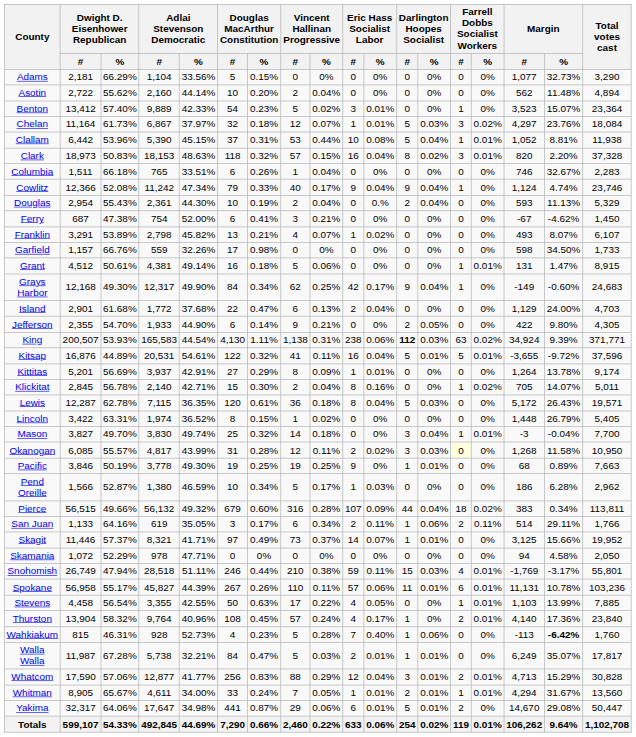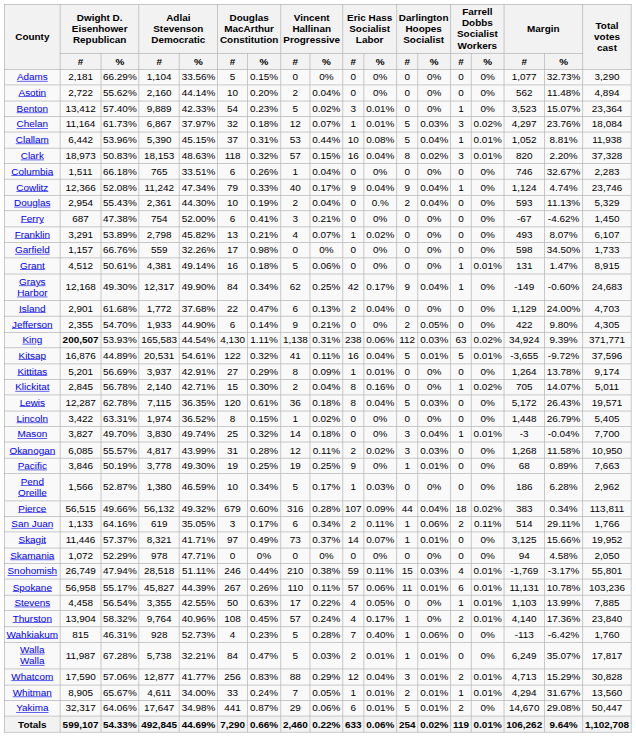 <table width="60%"  class="wikitable sortable" style="text-align:center">
 <tr>
 <th style="text-align:center;" rowspan="2">County</th>
 <th style="text-align:center;" colspan="2">Dwight D. Eisenhower<br>Republican</th>
 <th style="text-align:center;" colspan="2">Adlai Stevenson<br>Democratic</th>
 <th style="text-align:center;" colspan="2">Douglas MacArthur<br>Constitution</th>
 <th style="text-align:center;" colspan="2">Vincent Hallinan<br>Progressive</th>
 <th style="text-align:center;" colspan="2">Eric Hass<br> Socialist Labor</th>
 <th style="text-align:center;" colspan="2">Darlington Hoopes<br>Socialist</th>
 <th style="text-align:center;" colspan="2">Farrell Dobbs<br>Socialist Workers</th>
 <th style="text-align:center;" colspan="2">Margin</th>
 <th style="text-align:center;" rowspan="2">Total votes cast</th>
 </tr>
 <tr>
 <th style="text-align:center;" data-sort-type="number">#</th>
 <th style="text-align:center;" data-sort-type="number">%</th>
 <th style="text-align:center;" data-sort-type="number">#</th>
 <th style="text-align:center;" data-sort-type="number">%</th>
 <th style="text-align:center;" data-sort-type="number">#</th>
 <th style="text-align:center;" data-sort-type="number">%</th>
 <th style="text-align:center;" data-sort-type="number">#</th>
 <th style="text-align:center;" data-sort-type="number">%</th>
 <th style="text-align:center;" data-sort-type="number">#</th>
 <th style="text-align:center;" data-sort-type="number">%</th>
 <th style="text-align:center;" data-sort-type="number">#</th>
 <th style="text-align:center;" data-sort-type="number">%</th>
 <th style="text-align:center;" data-sort-type="number">#</th>
 <th style="text-align:center;" data-sort-type="number">%</th>
 <th style="text-align:center;" data-sort-type="number">#</th>
 <th style="text-align:center;" data-sort-type="number">%</th>
 </tr>
 <tr style="text-align:center;">
 <td><a href='#'>Adams</a></td>
 <td>2,181</td>
 <td>66.29%</td>
 <td>1,104</td>
 <td>33.56%</td>
 <td>5</td>
 <td>0.15%</td>
 <td>0</td>
 <td>0%</td>
 <td>0</td>
 <td>0%</td>
 <td>0</td>
 <td>0%</td>
 <td>0</td>
 <td>0%</td>
 <td>1,077</td>
 <td>32.73%</td>
 <td>3,290</td>
 </tr>
 <tr style="text-align:center;">
 <td><a href='#'>Asotin</a></td>
 <td>2,722</td>
 <td>55.62%</td>
 <td>2,160</td>
 <td>44.14%</td>
 <td>10</td>
 <td>0.20%</td>
 <td>2</td>
 <td>0.04%</td>
 <td>0</td>
 <td>0%</td>
 <td>0</td>
 <td>0%</td>
 <td>0</td>
 <td>0%</td>
 <td>562</td>
 <td>11.48%</td>
 <td>4,894</td>
 </tr>
 <tr style="text-align:center;">
 <td><a href='#'>Benton</a></td>
 <td>13,412</td>
 <td>57.40%</td>
 <td>9,889</td>
 <td>42.33%</td>
 <td>54</td>
 <td>0.23%</td>
 <td>5</td>
 <td>0.02%</td>
 <td>3</td>
 <td>0.01%</td>
 <td>0</td>
 <td>0%</td>
 <td>1</td>
 <td>0%</td>
 <td>3,523</td>
 <td>15.07%</td>
 <td>23,364</td>
 </tr>
 <tr style="text-align:center;">
 <td><a href='#'>Chelan</a></td>
 <td>11,164</td>
 <td>61.73%</td>
 <td>6,867</td>
 <td>37.97%</td>
 <td>32</td>
 <td>0.18%</td>
 <td>12</td>
 <td>0.07%</td>
 <td>1</td>
 <td>0.01%</td>
 <td>5</td>
 <td>0.03%</td>
 <td>3</td>
 <td>0.02%</td>
 <td>4,297</td>
 <td>23.76%</td>
 <td>18,084</td>
 </tr>
 <tr style="text-align:center;">
 <td><a href='#'>Clallam</a></td>
 <td>6,442</td>
 <td>53.96%</td>
 <td>5,390</td>
 <td>45.15%</td>
 <td>37</td>
 <td>0.31%</td>
 <td>53</td>
 <td>0.44%</td>
 <td>10</td>
 <td>0.08%</td>
 <td>5</td>
 <td>0.04%</td>
 <td>1</td>
 <td>0.01%</td>
 <td>1,052</td>
 <td>8.81%</td>
 <td>11,938</td>
 </tr>
 <tr style="text-align:center;">
 <td><a href='#'>Clark</a></td>
 <td>18,973</td>
 <td>50.83%</td>
 <td>18,153</td>
 <td>48.63%</td>
 <td>118</td>
 <td>0.32%</td>
 <td>57</td>
 <td>0.15%</td>
 <td>16</td>
 <td>0.04%</td>
 <td>8</td>
 <td>0.02%</td>
 <td>3</td>
 <td>0.01%</td>
 <td>820</td>
 <td>2.20%</td>
 <td>37,328</td>
 </tr>
 <tr style="text-align:center;">
 <td><a href='#'>Columbia</a></td>
 <td>1,511</td>
 <td>66.18%</td>
 <td>765</td>
 <td>33.51%</td>
 <td>6</td>
 <td>0.26%</td>
 <td>1</td>
 <td>0.04%</td>
 <td>0</td>
 <td>0%</td>
 <td>0</td>
 <td>0%</td>
 <td>0</td>
 <td>0%</td>
 <td>746</td>
 <td>32.67%</td>
 <td>2,283</td>
 </tr>
 <tr style="text-align:center;">
 <td><a href='#'>Cowlitz</a></td>
 <td>12,366</td>
 <td>52.08%</td>
 <td>11,242</td>
 <td>47.34%</td>
 <td>79</td>
 <td>0.33%</td>
 <td>40</td>
 <td>0.17%</td>
 <td>9</td>
 <td>0.04%</td>
 <td>9</td>
 <td>0.04%</td>
 <td>1</td>
 <td>0%</td>
 <td>1,124</td>
 <td>4.74%</td>
 <td>23,746</td>
 </tr>
 <tr style="text-align:center;">
 <td><a href='#'>Douglas</a></td>
 <td>2,954</td>
 <td>55.43%</td>
 <td>2,361</td>
 <td>44.30%</td>
 <td>10</td>
 <td>0.19%</td>
 <td>2</td>
 <td>0.04%</td>
 <td>0</td>
 <td>0.%</td>
 <td>2</td>
 <td>0.04%</td>
 <td>0</td>
 <td>0%</td>
 <td>593</td>
 <td>11.13%</td>
 <td>5,329</td>
 </tr>
 <tr style="text-align:center;">
 <td><a href='#'>Ferry</a></td>
 <td>687</td>
 <td>47.38%</td>
 <td>754</td>
 <td>52.00%</td>
 <td>6</td>
 <td>0.41%</td>
 <td>3</td>
 <td>0.21%</td>
 <td>0</td>
 <td>0%</td>
 <td>0</td>
 <td>0%</td>
 <td>0</td>
 <td>0%</td>
 <td>-67</td>
 <td>-4.62%</td>
 <td>1,450</td>
 </tr>
 <tr style="text-align:center;">
 <td><a href='#'>Franklin</a></td>
 <td>3,291</td>
 <td>53.89%</td>
 <td>2,798</td>
 <td>45.82%</td>
 <td>13</td>
 <td>0.21%</td>
 <td>4</td>
 <td>0.07%</td>
 <td>1</td>
 <td>0.02%</td>
 <td>0</td>
 <td>0%</td>
 <td>0</td>
 <td>0%</td>
 <td>493</td>
 <td>8.07%</td>
 <td>6,107</td>
 </tr>
 <tr style="text-align:center;">
 <td><a href='#'>Garfield</a></td>
 <td>1,157</td>
 <td>66.76%</td>
 <td>559</td>
 <td>32.26%</td>
 <td>17</td>
 <td>0.98%</td>
 <td>0</td>
 <td>0%</td>
 <td>0</td>
 <td>0%</td>
 <td>0</td>
 <td>0%</td>
 <td>0</td>
 <td>0%</td>
 <td>598</td>
 <td>34.50%</td>
 <td>1,733</td>
 </tr>
 <tr style="text-align:center;">
 <td><a href='#'>Grant</a></td>
 <td>4,512</td>
 <td>50.61%</td>
 <td>4,381</td>
 <td>49.14%</td>
 <td>16</td>
 <td>0.18%</td>
 <td>5</td>
 <td>0.06%</td>
 <td>0</td>
 <td>0%</td>
 <td>0</td>
 <td>0%</td>
 <td>1</td>
 <td>0.01%</td>
 <td>131</td>
 <td>1.47%</td>
 <td>8,915</td>
 </tr>
 <tr style="text-align:center;">
 <td><a href='#'>Grays Harbor</a></td>
 <td>12,168</td>
 <td>49.30%</td>
 <td>12,317</td>
 <td>49.90%</td>
 <td>84</td>
 <td>0.34%</td>
 <td>62</td>
 <td>0.25%</td>
 <td>42</td>
 <td>0.17%</td>
 <td>9</td>
 <td>0.04%</td>
 <td>1</td>
 <td>0%</td>
 <td>-149</td>
 <td>-0.60%</td>
 <td>24,683</td>
 </tr>
 <tr style="text-align:center;">
 <td><a href='#'>Island</a></td>
 <td>2,901</td>
 <td>61.68%</td>
 <td>1,772</td>
 <td>37.68%</td>
 <td>22</td>
 <td>0.47%</td>
 <td>6</td>
 <td>0.13%</td>
 <td>2</td>
 <td>0.04%</td>
 <td>0</td>
 <td>0%</td>
 <td>0</td>
 <td>0%</td>
 <td>1,129</td>
 <td>24.00%</td>
 <td>4,703</td>
 </tr>
 <tr style="text-align:center;">
 <td><a href='#'>Jefferson</a></td>
 <td>2,355</td>
 <td>54.70%</td>
 <td>1,933</td>
 <td>44.90%</td>
 <td>6</td>
 <td>0.14%</td>
 <td>9</td>
 <td>0.21%</td>
 <td>0</td>
 <td>0%</td>
 <td>2</td>
 <td>0.05%</td>
 <td>0</td>
 <td>0%</td>
 <td>422</td>
 <td>9.80%</td>
 <td>4,305</td>
 </tr>
 <tr style="text-align:center;">
 <td><a href='#'>King</a></td>
-<td>200,507</td>
+<td><strong>200,507</strong></td>
 <td>53.93%</td>
 <td>165,583</td>
 <td>44.54%</td>
 <td>4,130</td>
 <td>1.11%</td>
 <td>1,138</td>
 <td>0.31%</td>
 <td>238</td>
 <td>0.06%</td>
-<td><strong>112</strong></td>
+<td>112</td>
 <td>0.03%</td>
 <td>63</td>
 <td>0.02%</td>
 <td>34,924</td>
 <td>9.39%</td>
 <td>371,771</td>
 </tr>
 <tr style="text-align:center;">
 <td><a href='#'>Kitsap</a></td>
 <td>16,876</td>
 <td>44.89%</td>
 <td>20,531</td>
 <td>54.61%</td>
 <td>122</td>
 <td>0.32%</td>
 <td>41</td>
 <td>0.11%</td>
 <td>16</td>
 <td>0.04%</td>
 <td>5</td>
 <td>0.01%</td>
 <td>5</td>
 <td>0.01%</td>
 <td>-3,655</td>
 <td>-9.72%</td>
 <td>37,596</td>
 </tr>
 <tr style="text-align:center;">
 <td><a href='#'>Kittitas</a></td>
 <td>5,201</td>
 <td>56.69%</td>
 <td>3,937</td>
 <td>42.91%</td>
 <td>27</td>
 <td>0.29%</td>
 <td>8</td>
 <td>0.09%</td>
 <td>1</td>
 <td>0.01%</td>
 <td>0</td>
 <td>0%</td>
 <td>0</td>
 <td>0%</td>
 <td>1,264</td>
 <td>13.78%</td>
 <td>9,174</td>
 </tr>
 <tr style="text-align:center;">
 <td><a href='#'>Klickitat</a></td>
 <td>2,845</td>
 <td>56.78%</td>
 <td>2,140</td>
 <td>42.71%</td>
 <td>15</td>
 <td>0.30%</td>
 <td>2</td>
 <td>0.04%</td>
 <td>8</td>
 <td>0.16%</td>
 <td>0</td>
 <td>0%</td>
 <td>1</td>
 <td>0.02%</td>
 <td>705</td>
 <td>14.07%</td>
 <td>5,011</td>
 </tr>
 <tr style="text-align:center;">
 <td><a href='#'>Lewis</a></td>
 <td>12,287</td>
 <td>62.78%</td>
 <td>7,115</td>
 <td>36.35%</td>
 <td>120</td>
 <td>0.61%</td>
 <td>36</td>
 <td>0.18%</td>
 <td>8</td>
 <td>0.04%</td>
 <td>5</td>
 <td>0.03%</td>
 <td>0</td>
 <td>0%</td>
 <td>5,172</td>
 <td>26.43%</td>
 <td>19,571</td>
 </tr>
 <tr style="text-align:center;">
 <td><a href='#'>Lincoln</a></td>
 <td>3,422</td>
 <td>63.31%</td>
 <td>1,974</td>
 <td>36.52%</td>
 <td>8</td>
 <td>0.15%</td>
 <td>1</td>
 <td>0.02%</td>
 <td>0</td>
 <td>0%</td>
 <td>0</td>
 <td>0%</td>
 <td>0</td>
 <td>0%</td>
 <td>1,448</td>
 <td>26.79%</td>
 <td>5,405</td>
 </tr>
 <tr style="text-align:center;">
 <td><a href='#'>Mason</a></td>
 <td>3,827</td>
 <td>49.70%</td>
 <td>3,830</td>
 <td>49.74%</td>
 <td>25</td>
 <td>0.32%</td>
 <td>14</td>
 <td>0.18%</td>
 <td>0</td>
 <td>0%</td>
 <td>3</td>
 <td>0.04%</td>
 <td>1</td>
 <td>0.01%</td>
 <td>-3</td>
 <td>-0.04%</td>
 <td>7,700</td>
 </tr>
 <tr style="text-align:center;">
 <td><a href='#'>Okanogan</a></td>
 <td>6,085</td>
 <td>55.57%</td>
 <td>4,817</td>
 <td>43.99%</td>
 <td>31</td>
 <td>0.28%</td>
 <td>12</td>
 <td>0.11%</td>
 <td>2</td>
 <td>0.02%</td>
 <td>3</td>
 <td>0.03%</td>
-<td style="background: lightyellow;">0</td>
+<td>0</td>
 <td>0%</td>
 <td>1,268</td>
 <td>11.58%</td>
 <td>10,950</td>
 </tr>
 <tr style="text-align:center;">
 <td><a href='#'>Pacific</a></td>
 <td>3,846</td>
 <td>50.19%</td>
 <td>3,778</td>
 <td>49.30%</td>
 <td>19</td>
 <td>0.25%</td>
 <td>19</td>
 <td>0.25%</td>
 <td>9</td>
 <td>0%</td>
 <td>1</td>
 <td>0.01%</td>
 <td>0</td>
 <td>0%</td>
 <td>68</td>
 <td>0.89%</td>
 <td>7,663</td>
 </tr>
 <tr style="text-align:center;">
 <td><a href='#'>Pend Oreille</a></td>
 <td>1,566</td>
 <td>52.87%</td>
 <td>1,380</td>
 <td>46.59%</td>
 <td>10</td>
 <td>0.34%</td>
 <td>5</td>
 <td>0.17%</td>
 <td>1</td>
 <td>0.03%</td>
 <td>0</td>
 <td>0%</td>
 <td>0</td>
 <td>0%</td>
 <td>186</td>
 <td>6.28%</td>
 <td>2,962</td>
 </tr>
 <tr style="text-align:center;">
 <td><a href='#'>Pierce</a></td>
 <td>56,515</td>
 <td>49.66%</td>
 <td>56,132</td>
 <td>49.32%</td>
 <td>679</td>
 <td>0.60%</td>
 <td>316</td>
 <td>0.28%</td>
 <td>107</td>
 <td>0.09%</td>
 <td>44</td>
 <td>0.04%</td>
 <td>18</td>
 <td>0.02%</td>
 <td>383</td>
 <td>0.34%</td>
 <td>113,811</td>
 </tr>
 <tr style="text-align:center;">
 <td><a href='#'>San Juan</a></td>
 <td>1,133</td>
 <td>64.16%</td>
 <td>619</td>
 <td>35.05%</td>
 <td>3</td>
 <td>0.17%</td>
 <td>6</td>
 <td>0.34%</td>
 <td>2</td>
 <td>0.11%</td>
 <td>1</td>
 <td>0.06%</td>
 <td>2</td>
 <td>0.11%</td>
 <td>514</td>
 <td>29.11%</td>
 <td>1,766</td>
 </tr>
 <tr style="text-align:center;">
 <td><a href='#'>Skagit</a></td>
 <td>11,446</td>
 <td>57.37%</td>
 <td>8,321</td>
 <td>41.71%</td>
 <td>97</td>
 <td>0.49%</td>
 <td>73</td>
 <td>0.37%</td>
 <td>14</td>
 <td>0.07%</td>
 <td>1</td>
 <td>0.01%</td>
 <td>0</td>
 <td>0%</td>
 <td>3,125</td>
 <td>15.66%</td>
 <td>19,952</td>
 </tr>
 <tr style="text-align:center;">
 <td><a href='#'>Skamania</a></td>
 <td>1,072</td>
 <td>52.29%</td>
 <td>978</td>
 <td>47.71%</td>
 <td>0</td>
 <td>0%</td>
 <td>0</td>
 <td>0%</td>
 <td>0</td>
 <td>0%</td>
 <td>0</td>
 <td>0%</td>
 <td>0</td>
 <td>0%</td>
 <td>94</td>
 <td>4.58%</td>
 <td>2,050</td>
 </tr>
 <tr style="text-align:center;">
 <td><a href='#'>Snohomish</a></td>
 <td>26,749</td>
 <td>47.94%</td>
 <td>28,518</td>
 <td>51.11%</td>
 <td>246</td>
 <td>0.44%</td>
 <td>210</td>
 <td>0.38%</td>
 <td>59</td>
 <td>0.11%</td>
 <td>15</td>
 <td>0.03%</td>
 <td>4</td>
 <td>0.01%</td>
 <td>-1,769</td>
 <td>-3.17%</td>
 <td>55,801</td>
 </tr>
 <tr style="text-align:center;">
 <td><a href='#'>Spokane</a></td>
 <td>56,958</td>
 <td>55.17%</td>
 <td>45,827</td>
 <td>44.39%</td>
 <td>267</td>
 <td>0.26%</td>
 <td>110</td>
 <td>0.11%</td>
 <td>57</td>
 <td>0.06%</td>
 <td>11</td>
 <td>0.01%</td>
 <td>6</td>
 <td>0.01%</td>
 <td>11,131</td>
 <td>10.78%</td>
 <td>103,236</td>
 </tr>
 <tr style="text-align:center;">
 <td><a href='#'>Stevens</a></td>
 <td>4,458</td>
 <td>56.54%</td>
 <td>3,355</td>
 <td>42.55%</td>
 <td>50</td>
 <td>0.63%</td>
 <td>17</td>
 <td>0.22%</td>
 <td>4</td>
 <td>0.05%</td>
 <td>0</td>
 <td>0%</td>
 <td>1</td>
 <td>0.01%</td>
 <td>1,103</td>
 <td>13.99%</td>
 <td>7,885</td>
 </tr>
 <tr style="text-align:center;">
 <td><a href='#'>Thurston</a></td>
 <td>13,904</td>
 <td>58.32%</td>
 <td>9,764</td>
 <td>40.96%</td>
 <td>108</td>
 <td>0.45%</td>
 <td>57</td>
 <td>0.24%</td>
 <td>4</td>
 <td>0.17%</td>
 <td>1</td>
 <td>0%</td>
 <td>2</td>
 <td>0.01%</td>
 <td>4,140</td>
 <td>17.36%</td>
 <td>23,840</td>
 </tr>
 <tr style="text-align:center;">
 <td><a href='#'>Wahkiakum</a></td>
 <td>815</td>
 <td>46.31%</td>
 <td>928</td>
 <td>52.73%</td>
 <td>4</td>
 <td>0.23%</td>
 <td>5</td>
 <td>0.28%</td>
 <td>7</td>
 <td>0.40%</td>
 <td>1</td>
 <td>0.06%</td>
 <td>0</td>
 <td>0%</td>
 <td>-113</td>
-<td><strong>-6.42%</strong></td>
+<td>-6.42%</td>
 <td>1,760</td>
 </tr>
 <tr style="text-align:center;">
 <td><a href='#'>Walla Walla</a></td>
 <td>11,987</td>
 <td>67.28%</td>
 <td>5,738</td>
 <td>32.21%</td>
 <td>84</td>
 <td>0.47%</td>
 <td>5</td>
 <td>0.03%</td>
 <td>2</td>
 <td>0.01%</td>
 <td>1</td>
 <td>0.01%</td>
 <td>0</td>
 <td>0%</td>
 <td>6,249</td>
 <td>35.07%</td>
 <td>17,817</td>
 </tr>
 <tr style="text-align:center;">
 <td><a href='#'>Whatcom</a></td>
 <td>17,590</td>
 <td>57.06%</td>
 <td>12,877</td>
 <td>41.77%</td>
 <td>256</td>
 <td>0.83%</td>
 <td>88</td>
 <td>0.29%</td>
 <td>12</td>
 <td>0.04%</td>
 <td>3</td>
 <td>0.01%</td>
 <td>2</td>
 <td>0.01%</td>
 <td>4,713</td>
 <td>15.29%</td>
 <td>30,828</td>
 </tr>
 <tr style="text-align:center;">
 <td><a href='#'>Whitman</a></td>
 <td>8,905</td>
 <td>65.67%</td>
 <td>4,611</td>
 <td>34.00%</td>
 <td>33</td>
 <td>0.24%</td>
 <td>7</td>
 <td>0.05%</td>
 <td>1</td>
 <td>0.01%</td>
 <td>2</td>
 <td>0.01%</td>
 <td>1</td>
 <td>0.01%</td>
 <td>4,294</td>
 <td>31.67%</td>
 <td>13,560</td>
 </tr>
 <tr style="text-align:center;">
 <td><a href='#'>Yakima</a></td>
 <td>32,317</td>
 <td>64.06%</td>
 <td>17,647</td>
 <td>34.98%</td>
 <td>441</td>
 <td>0.87%</td>
 <td>29</td>
 <td>0.06%</td>
 <td>6</td>
 <td>0.01%</td>
 <td>5</td>
 <td>0.01%</td>
 <td>2</td>
 <td>0%</td>
 <td>14,670</td>
 <td>29.08%</td>
 <td>50,447</td>
 </tr>
 <tr style="text-align:center;">
 <th>Totals</th>
 <th>599,107</th>
 <th>54.33%</th>
 <th>492,845</th>
 <th>44.69%</th>
 <th>7,290</th>
 <th>0.66%</th>
 <th>2,460</th>
 <th>0.22%</th>
 <th>633</th>
 <th>0.06%</th>
 <th>254</th>
 <th>0.02%</th>
 <th>119</th>
 <th>0.01%</th>
 <th>106,262</th>
 <th>9.64%</th>
 <th>1,102,708</th>
 </tr>
 </table>
